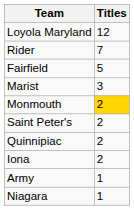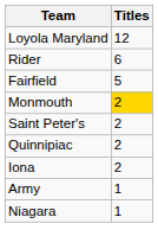 <table class="wikitable sortable">
 <tr>
 <th width=px>Team</th>
 <th width=px>Titles</th>
 </tr>
 <tr>
 <td>Loyola Maryland</td>
 <td>12</td>
 </tr>
 <tr>
 <td>Rider</td>
-<td>7</td>
+<td>6</td>
 </tr>
 <tr>
 <td>Fairfield</td>
 <td>5</td>
-</tr>
-<tr>
-<td>Marist</td>
-<td>3</td>
 </tr>
 <tr>
 <td>Monmouth</td>
 <td style="background: gold;">2</td>
 </tr>
 <tr>
 <td>Saint Peter's</td>
 <td>2</td>
 </tr>
 <tr>
 <td>Quinnipiac</td>
 <td>2</td>
 </tr>
 <tr>
 <td>Iona</td>
 <td>2</td>
 </tr>
 <tr>
 <td>Army</td>
 <td>1</td>
 </tr>
 <tr>
 <td>Niagara</td>
 <td>1</td>
 </tr>
 </table>
